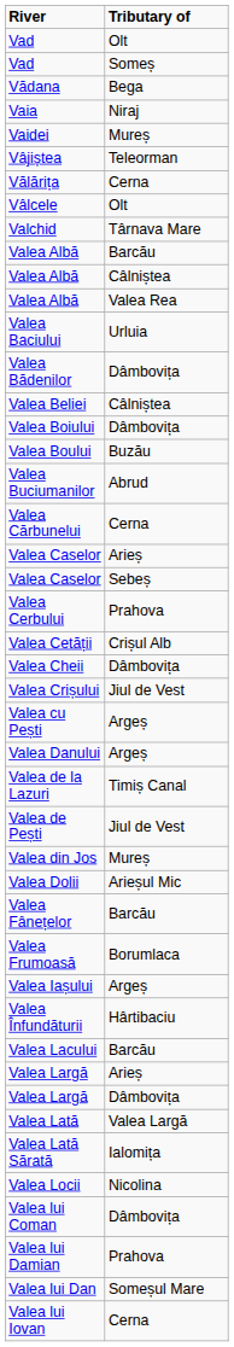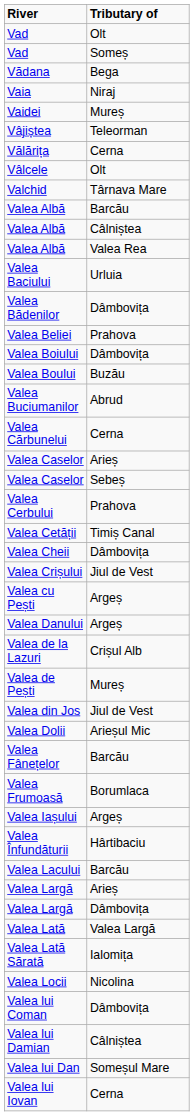 <table class="wikitable">
 <tr>
 <td width="100pt"><strong>River</strong></td>
 <td width="125pt"><strong>Tributary of</strong></td>
 </tr>
 <tr>
 <td><a href='#'>Vad</a></td>
 <td>Olt</td>
 </tr>
 <tr>
 <td><a href='#'>Vad</a></td>
 <td>Someș</td>
 </tr>
 <tr>
 <td><a href='#'>Vădana</a></td>
 <td>Bega</td>
 </tr>
 <tr>
 <td><a href='#'>Vaia</a></td>
 <td>Niraj</td>
 </tr>
 <tr>
 <td><a href='#'>Vaidei</a></td>
 <td>Mureș</td>
 </tr>
 <tr>
 <td><a href='#'>Vâjiștea</a></td>
 <td>Teleorman</td>
 </tr>
 <tr>
 <td><a href='#'>Vălărița</a></td>
 <td>Cerna</td>
 </tr>
 <tr>
 <td><a href='#'>Vâlcele</a></td>
 <td>Olt</td>
 </tr>
 <tr>
 <td><a href='#'>Valchid</a></td>
 <td>Târnava Mare</td>
 </tr>
 <tr>
 <td><a href='#'>Valea Albă</a></td>
 <td>Barcău</td>
 </tr>
 <tr>
 <td><a href='#'>Valea Albă</a></td>
 <td>Câlniștea</td>
 </tr>
 <tr>
 <td><a href='#'>Valea Albă</a></td>
 <td>Valea Rea</td>
 </tr>
 <tr>
 <td><a href='#'>Valea Baciului</a></td>
 <td>Urluia</td>
 </tr>
 <tr>
 <td><a href='#'>Valea Bădenilor</a></td>
 <td>Dâmbovița</td>
 </tr>
 <tr>
 <td><a href='#'>Valea Beliei</a></td>
-<td>Câlniștea</td>
+<td>Prahova</td>
 </tr>
 <tr>
 <td><a href='#'>Valea Boiului</a></td>
 <td>Dâmbovița</td>
 </tr>
 <tr>
 <td><a href='#'>Valea Boului</a></td>
 <td>Buzău</td>
 </tr>
 <tr>
 <td><a href='#'>Valea Buciumanilor</a></td>
 <td>Abrud</td>
 </tr>
 <tr>
 <td><a href='#'>Valea Cărbunelui</a></td>
 <td>Cerna</td>
 </tr>
 <tr>
 <td><a href='#'>Valea Caselor</a></td>
 <td>Arieș</td>
 </tr>
 <tr>
 <td><a href='#'>Valea Caselor</a></td>
 <td>Sebeș</td>
 </tr>
 <tr>
 <td><a href='#'>Valea Cerbului</a></td>
 <td>Prahova</td>
 </tr>
 <tr>
 <td><a href='#'>Valea Cetății</a></td>
-<td>Crișul Alb</td>
+<td>Timiș Canal</td>
 </tr>
 <tr>
 <td><a href='#'>Valea Cheii</a></td>
 <td>Dâmbovița</td>
 </tr>
 <tr>
 <td><a href='#'>Valea Crișului</a></td>
 <td>Jiul de Vest</td>
 </tr>
 <tr>
 <td><a href='#'>Valea cu Pești</a></td>
 <td>Argeș</td>
 </tr>
 <tr>
 <td><a href='#'>Valea Danului</a></td>
 <td>Argeș</td>
 </tr>
 <tr>
 <td><a href='#'>Valea de la Lazuri</a></td>
-<td>Timiș Canal</td>
+<td>Crișul Alb</td>
 </tr>
 <tr>
 <td><a href='#'>Valea de Pești</a></td>
-<td>Jiul de Vest</td>
+<td>Mureș</td>
 </tr>
 <tr>
 <td><a href='#'>Valea din Jos</a></td>
-<td>Mureș</td>
+<td>Jiul de Vest</td>
 </tr>
 <tr>
 <td><a href='#'>Valea Dolii</a></td>
 <td>Arieșul Mic</td>
 </tr>
 <tr>
 <td><a href='#'>Valea Fânețelor</a></td>
 <td>Barcău</td>
 </tr>
 <tr>
 <td><a href='#'>Valea Frumoasă</a></td>
 <td>Borumlaca</td>
 </tr>
 <tr>
 <td><a href='#'>Valea Iașului</a></td>
 <td>Argeș</td>
 </tr>
 <tr>
 <td><a href='#'>Valea Înfundăturii</a></td>
 <td>Hârtibaciu</td>
 </tr>
 <tr>
 <td><a href='#'>Valea Lacului</a></td>
 <td>Barcău</td>
 </tr>
 <tr>
 <td><a href='#'>Valea Largă</a></td>
 <td>Arieș</td>
 </tr>
 <tr>
 <td><a href='#'>Valea Largă</a></td>
 <td>Dâmbovița</td>
 </tr>
 <tr>
 <td><a href='#'>Valea Lată</a></td>
 <td>Valea Largă</td>
 </tr>
 <tr>
 <td><a href='#'>Valea Lată Sărată</a></td>
 <td>Ialomița</td>
 </tr>
 <tr>
 <td><a href='#'>Valea Locii</a></td>
 <td>Nicolina</td>
 </tr>
 <tr>
 <td><a href='#'>Valea lui Coman</a></td>
 <td>Dâmbovița</td>
 </tr>
 <tr>
 <td><a href='#'>Valea lui Damian</a></td>
-<td>Prahova</td>
+<td>Câlniștea</td>
 </tr>
 <tr>
 <td><a href='#'>Valea lui Dan</a></td>
 <td>Someșul Mare</td>
 </tr>
 <tr>
 <td><a href='#'>Valea lui Iovan</a></td>
 <td>Cerna</td>
 </tr>
 </table>
